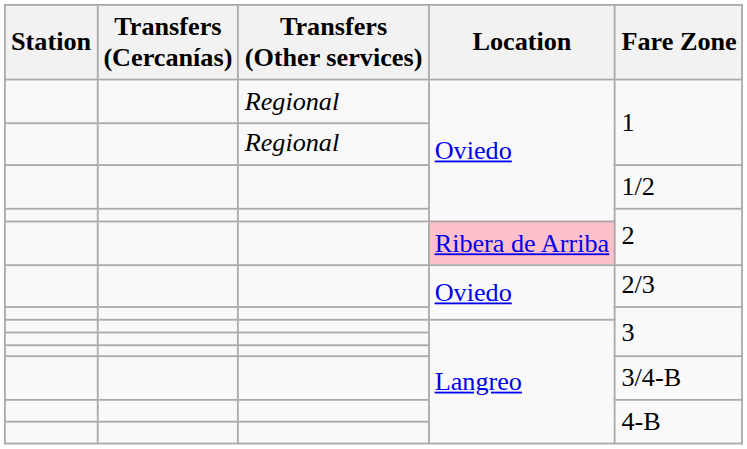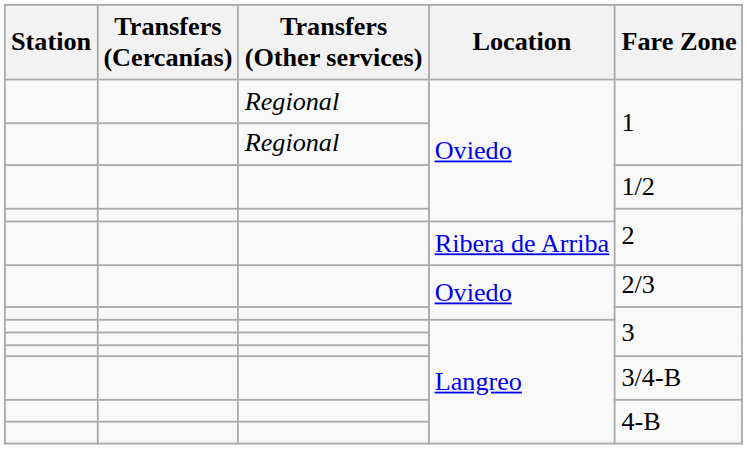 <table class="wikitable" style="font-size:90%">
 <tr>
 <th>Station</th>
 <th><strong>Transfers</strong><br>(Cercanías)</th>
 <th>Transfers<br>(Other services)</th>
 <th>Location</th>
 <th>Fare Zone</th>
 </tr>
 <tr>
 <td></td>
 <td align="center"></td>
 <td>    <em>Regional</em></td>
 <td rowspan="4"><a href='#'>Oviedo</a></td>
 <td rowspan="2">1</td>
 </tr>
 <tr>
 <td></td>
 <td align="center"> </td>
 <td><em>Regional</em></td>
 </tr>
 <tr>
 <td></td>
 <td align="center"></td>
 <td></td>
 <td>1/2</td>
 </tr>
 <tr>
 <td></td>
 <td align="center"></td>
 <td></td>
 <td rowspan="2">2</td>
 </tr>
 <tr>
 <td></td>
 <td align="center"></td>
 <td></td>
-<td style="background: pink;"><a href='#'>Ribera de Arriba</a></td>
+<td><a href='#'>Ribera de Arriba</a></td>
 </tr>
 <tr>
 <td></td>
 <td align="center"></td>
 <td></td>
 <td rowspan="2"><a href='#'>Oviedo</a></td>
 <td>2/3</td>
 </tr>
 <tr>
 <td></td>
 <td align="center"></td>
 <td align="center"></td>
 <td rowspan="4">3</td>
 </tr>
 <tr>
 <td></td>
 <td></td>
 <td></td>
 <td rowspan="6"><a href='#'>Langreo</a></td>
 </tr>
 <tr>
 <td></td>
 <td></td>
 <td></td>
 </tr>
 <tr>
 <td></td>
 <td></td>
 <td></td>
 </tr>
 <tr>
 <td></td>
 <td></td>
 <td align="center"></td>
 <td>3/4-B</td>
 </tr>
 <tr>
 <td></td>
 <td align="center"></td>
 <td></td>
 <td rowspan="2">4-B</td>
 </tr>
 <tr>
 <td></td>
 <td></td>
 <td></td>
 </tr>
 </table>
